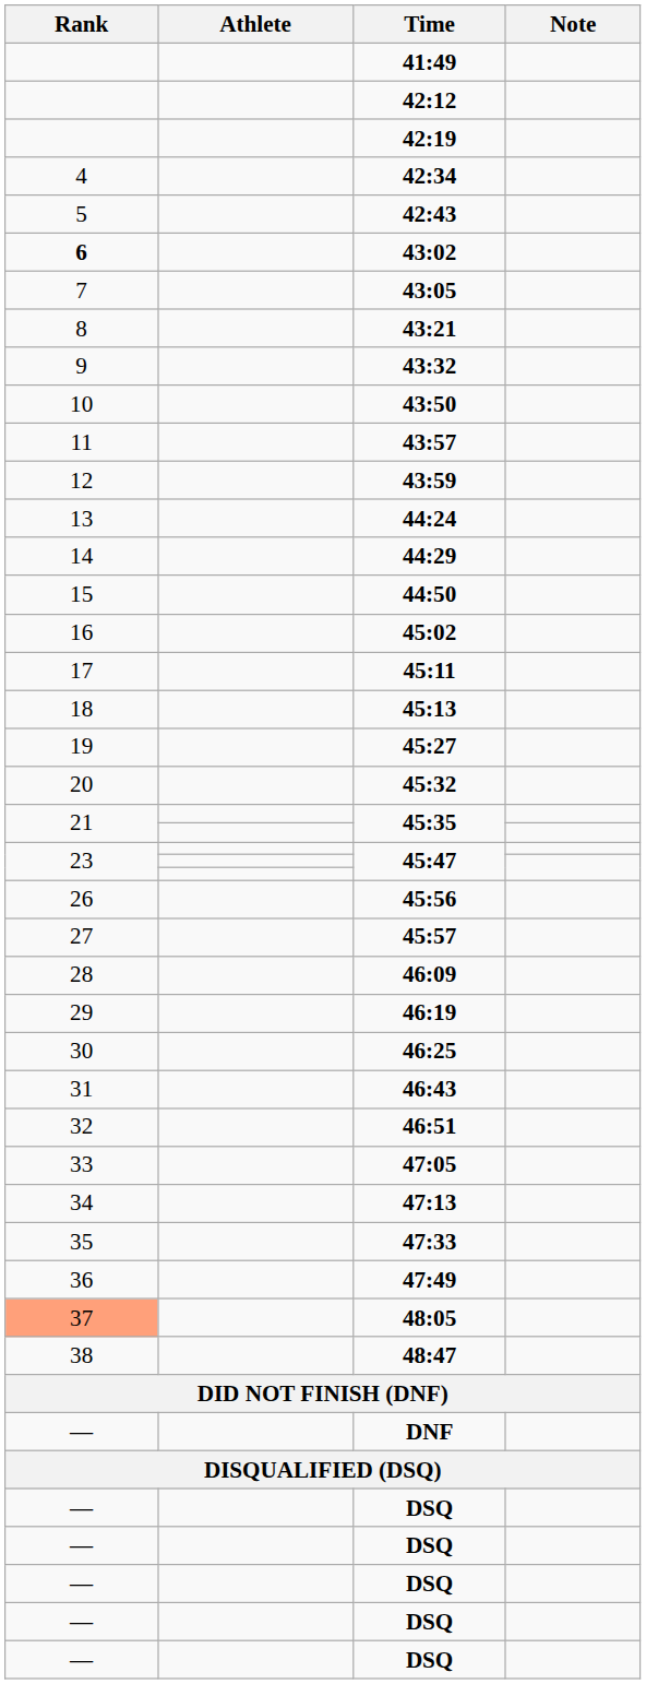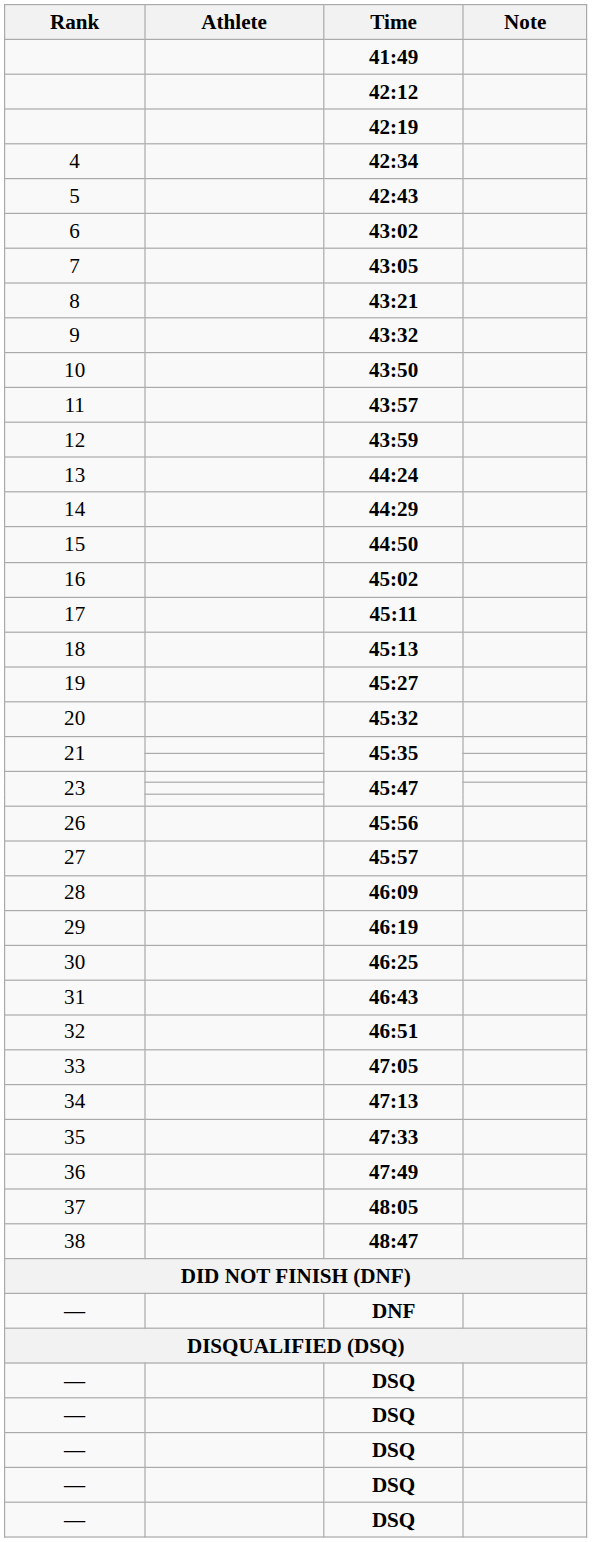 <table class="wikitable" style=" text-align:center; font-size:110%;" width="55%">
 <tr>
 <th>Rank</th>
 <th>Athlete</th>
 <th>Time</th>
 <th>Note</th>
 </tr>
 <tr>
 <td></td>
 <td align=left></td>
 <td><strong>41:49</strong></td>
 <td></td>
 </tr>
 <tr>
 <td></td>
 <td align=left></td>
 <td><strong>42:12</strong></td>
 <td></td>
 </tr>
 <tr>
 <td></td>
 <td align=left></td>
 <td><strong>42:19</strong></td>
 <td></td>
 </tr>
 <tr>
 <td>4</td>
 <td align=left></td>
 <td><strong>42:34</strong></td>
 <td></td>
 </tr>
 <tr>
 <td>5</td>
 <td align=left></td>
 <td><strong>42:43</strong></td>
 <td></td>
 </tr>
 <tr>
-<td><strong>6</strong></td>
+<td>6</td>
 <td align=left></td>
 <td><strong>43:02</strong></td>
 <td></td>
 </tr>
 <tr>
 <td>7</td>
 <td align=left></td>
 <td><strong>43:05</strong></td>
 <td></td>
 </tr>
 <tr>
 <td>8</td>
 <td align=left></td>
 <td><strong>43:21</strong></td>
 <td></td>
 </tr>
 <tr>
 <td>9</td>
 <td align=left></td>
 <td><strong>43:32</strong></td>
 <td></td>
 </tr>
 <tr>
 <td>10</td>
 <td align=left></td>
 <td><strong>43:50</strong></td>
 <td></td>
 </tr>
 <tr>
 <td>11</td>
 <td align=left></td>
 <td><strong>43:57</strong></td>
 <td></td>
 </tr>
 <tr>
 <td>12</td>
 <td align=left></td>
 <td><strong>43:59</strong></td>
 <td></td>
 </tr>
 <tr>
 <td>13</td>
 <td align=left></td>
 <td><strong>44:24</strong></td>
 <td></td>
 </tr>
 <tr>
 <td>14</td>
 <td align=left></td>
 <td><strong>44:29</strong></td>
 <td></td>
 </tr>
 <tr>
 <td>15</td>
 <td align=left></td>
 <td><strong>44:50</strong></td>
 <td></td>
 </tr>
 <tr>
 <td>16</td>
 <td align=left></td>
 <td><strong>45:02</strong></td>
 <td></td>
 </tr>
 <tr>
 <td>17</td>
 <td align=left></td>
 <td><strong>45:11</strong></td>
 <td></td>
 </tr>
 <tr>
 <td>18</td>
 <td align=left></td>
 <td><strong>45:13</strong></td>
 <td></td>
 </tr>
 <tr>
 <td>19</td>
 <td align=left></td>
 <td><strong>45:27</strong></td>
 <td></td>
 </tr>
 <tr>
 <td>20</td>
 <td align=left></td>
 <td><strong>45:32</strong></td>
 <td></td>
 </tr>
 <tr>
 <td rowspan=2>21</td>
 <td align=left></td>
 <td rowspan=2><strong>45:35</strong></td>
 <td></td>
 </tr>
 <tr>
 <td align=left></td>
 <td></td>
 </tr>
 <tr>
 <td rowspan=3>23</td>
 <td align=left></td>
 <td rowspan=3><strong>45:47</strong></td>
 <td></td>
 </tr>
 <tr>
 <td align=left></td>
 </tr>
 <tr>
 <td align=left></td>
 </tr>
 <tr>
 <td>26</td>
 <td align=left></td>
 <td><strong>45:56</strong></td>
 <td></td>
 </tr>
 <tr>
 <td>27</td>
 <td align=left></td>
 <td><strong>45:57</strong></td>
 <td></td>
 </tr>
 <tr>
 <td>28</td>
 <td align=left></td>
 <td><strong>46:09</strong></td>
 <td></td>
 </tr>
 <tr>
 <td>29</td>
 <td align=left></td>
 <td><strong>46:19</strong></td>
 <td></td>
 </tr>
 <tr>
 <td>30</td>
 <td align=left></td>
 <td><strong>46:25</strong></td>
 <td></td>
 </tr>
 <tr>
 <td>31</td>
 <td align=left></td>
 <td><strong>46:43</strong></td>
 <td></td>
 </tr>
 <tr>
 <td>32</td>
 <td align=left></td>
 <td><strong>46:51</strong></td>
 <td></td>
 </tr>
 <tr>
 <td>33</td>
 <td align=left></td>
 <td><strong>47:05</strong></td>
 <td></td>
 </tr>
 <tr>
 <td>34</td>
 <td align=left></td>
 <td><strong>47:13</strong></td>
 <td></td>
 </tr>
 <tr>
 <td>35</td>
 <td align=left></td>
 <td><strong>47:33</strong></td>
 <td></td>
 </tr>
 <tr>
 <td>36</td>
 <td align=left></td>
 <td><strong>47:49</strong></td>
 <td></td>
 </tr>
 <tr>
-<td style="background: lightsalmon;">37</td>
+<td>37</td>
 <td align=left></td>
 <td><strong>48:05</strong></td>
 <td></td>
 </tr>
 <tr>
 <td>38</td>
 <td align=left></td>
 <td><strong>48:47</strong></td>
 <td></td>
 </tr>
 <tr>
 <th colspan="4">DID NOT FINISH (DNF)</th>
 </tr>
 <tr>
 <td>—</td>
 <td align=left></td>
 <td><strong>DNF</strong></td>
 <td></td>
 </tr>
 <tr>
 <th colspan="4">DISQUALIFIED (DSQ)</th>
 </tr>
 <tr>
 <td>—</td>
 <td align=left></td>
 <td><strong>DSQ</strong></td>
 <td></td>
 </tr>
 <tr>
 <td>—</td>
 <td align=left></td>
 <td><strong>DSQ</strong></td>
 <td></td>
 </tr>
 <tr>
 <td>—</td>
 <td align=left></td>
 <td><strong>DSQ</strong></td>
 <td></td>
 </tr>
 <tr>
 <td>—</td>
 <td align=left></td>
 <td><strong>DSQ</strong></td>
 <td></td>
 </tr>
 <tr>
 <td>—</td>
 <td align=left></td>
 <td><strong>DSQ</strong></td>
 <td></td>
 </tr>
 </table>
